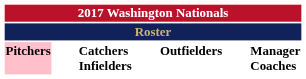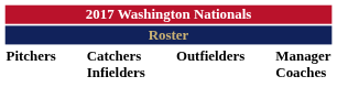 <table class="toccolours" style="font-size: 95%;">
 <tr>
 <th colspan="10" style="background-color: #ba122b; color: #FFFFFF; text-align: center;">2017 Washington Nationals</th>
 </tr>
 <tr>
 <td colspan="10" style="background-color: #11225b; color: #c9b074; text-align: center;"><strong>Roster</strong></td>
 </tr>
 <tr>
-<td valign="top" style="background: pink;"><strong>Pitchers</strong><br>                       </td>
+<td valign="top"><strong>Pitchers</strong><br>                       </td>
 <td width="25px"></td>
 <td valign="top"><strong>Catchers</strong><br>    <strong>Infielders</strong>         </td>
 <td width="25px"></td>
 <td valign="top"><strong>Outfielders</strong><br>           </td>
 <td width="25px"></td>
 <td valign="top"><strong>Manager</strong><br> <strong>Coaches</strong>            </td>
 </tr>
 <tr>
 </tr>
 </table>
